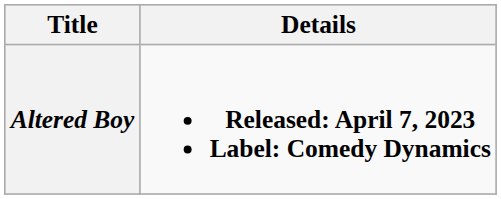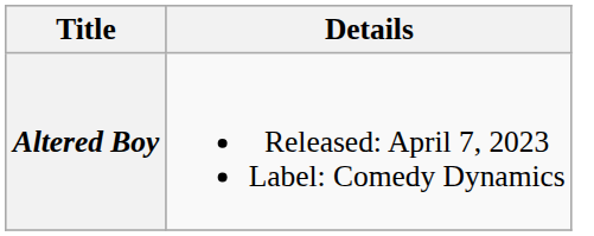 <table class="wikitable plainrowheaders" style="text-align:center;">
 <tr>
 <th>Title</th>
 <th>Details</th>
 </tr>
 <tr>
 <th scope="row"><em>Altered Boy</em></th>
-<td><strong><br><ul><li>Released: April 7, 2023</li><li>Label: Comedy Dynamics</li></ul></strong></td>
+<td><br><ul><li>Released: April 7, 2023</li><li>Label: Comedy Dynamics</li></ul></td>
 </tr>
 </table>
